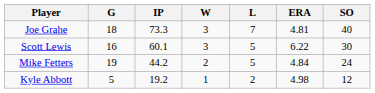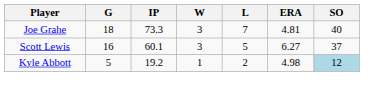 <table class="wikitable sortable">
 <tr>
 <th bgcolor="#DDDDFF" width="16%">Player</th>
 <th bgcolor="#DDDDFF" width="9%">G</th>
 <th bgcolor="#DDDDFF" width="9%">IP</th>
 <th bgcolor="#DDDDFF" width="9%">W</th>
 <th bgcolor="#DDDDFF" width="9%">L</th>
 <th bgcolor="#DDDDFF" width="9%">ERA</th>
 <th bgcolor="#DDDDFF" width="9%'">SO</th>
 </tr>
 <tr align="center">
 <td><a href='#'>Joe Grahe</a></td>
 <td>18</td>
 <td>73.3</td>
 <td>3</td>
 <td>7</td>
 <td>4.81</td>
 <td>40</td>
 </tr>
 <tr align="center">
 <td><a href='#'>Scott Lewis</a></td>
 <td>16</td>
 <td>60.1</td>
 <td>3</td>
 <td>5</td>
-<td>6.22</td>
-<td>30</td>
-</tr>
-<tr align="center">
-<td><a href='#'>Mike Fetters</a></td>
-<td>19</td>
-<td>44.2</td>
-<td>2</td>
-<td>5</td>
-<td>4.84</td>
-<td>24</td>
+<td>6.27</td>
+<td>37</td>
 </tr>
 <tr align="center">
 <td><a href='#'>Kyle Abbott</a></td>
 <td>5</td>
 <td>19.2</td>
 <td>1</td>
 <td>2</td>
 <td>4.98</td>
-<td>12</td>
+<td style="background: lightblue;">12</td>
 </tr>
 </table>
